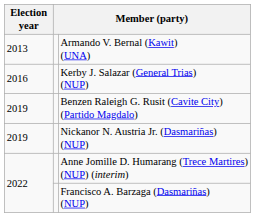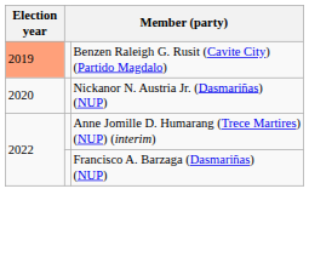 <table class="wikitable" style="font-size:90%">
 <tr>
 <th width="60px">Election<br>year</th>
 <th colspan="2" width="140px">Member (party)</th>
 </tr>
 <tr>
-<td>2013</td>
-<td></td>
-<td>Armando V. Bernal (<a href='#'>Kawit</a>)<br>(<a href='#'>UNA</a>)</td>
-</tr>
-<tr>
-<td>2016</td>
-<td></td>
-<td>Kerby J. Salazar (<a href='#'>General Trias</a>)<br>(<a href='#'>NUP</a>)</td>
-</tr>
-<tr>
-<td>2019</td>
+<td style="background: lightsalmon;">2019</td>
 <td></td>
 <td>Benzen Raleigh G. Rusit (<a href='#'>Cavite City</a>)<br>(<a href='#'>Partido Magdalo</a>)</td>
 </tr>
 <tr>
-<td>2019</td>
+<td>2020</td>
 <td></td>
 <td>Nickanor N. Austria Jr. (<a href='#'>Dasmariñas</a>)<br>(<a href='#'>NUP</a>)</td>
 </tr>
 <tr>
 <td rowspan="2">2022</td>
 <td></td>
 <td>Anne Jomille D. Humarang (<a href='#'>Trece Martires</a>)<br>(<a href='#'>NUP</a>) (<em>interim</em>)</td>
 </tr>
 <tr>
 <td></td>
 <td>Francisco A. Barzaga (<a href='#'>Dasmariñas</a>)<br>(<a href='#'>NUP</a>)</td>
 </tr>
 </table>
